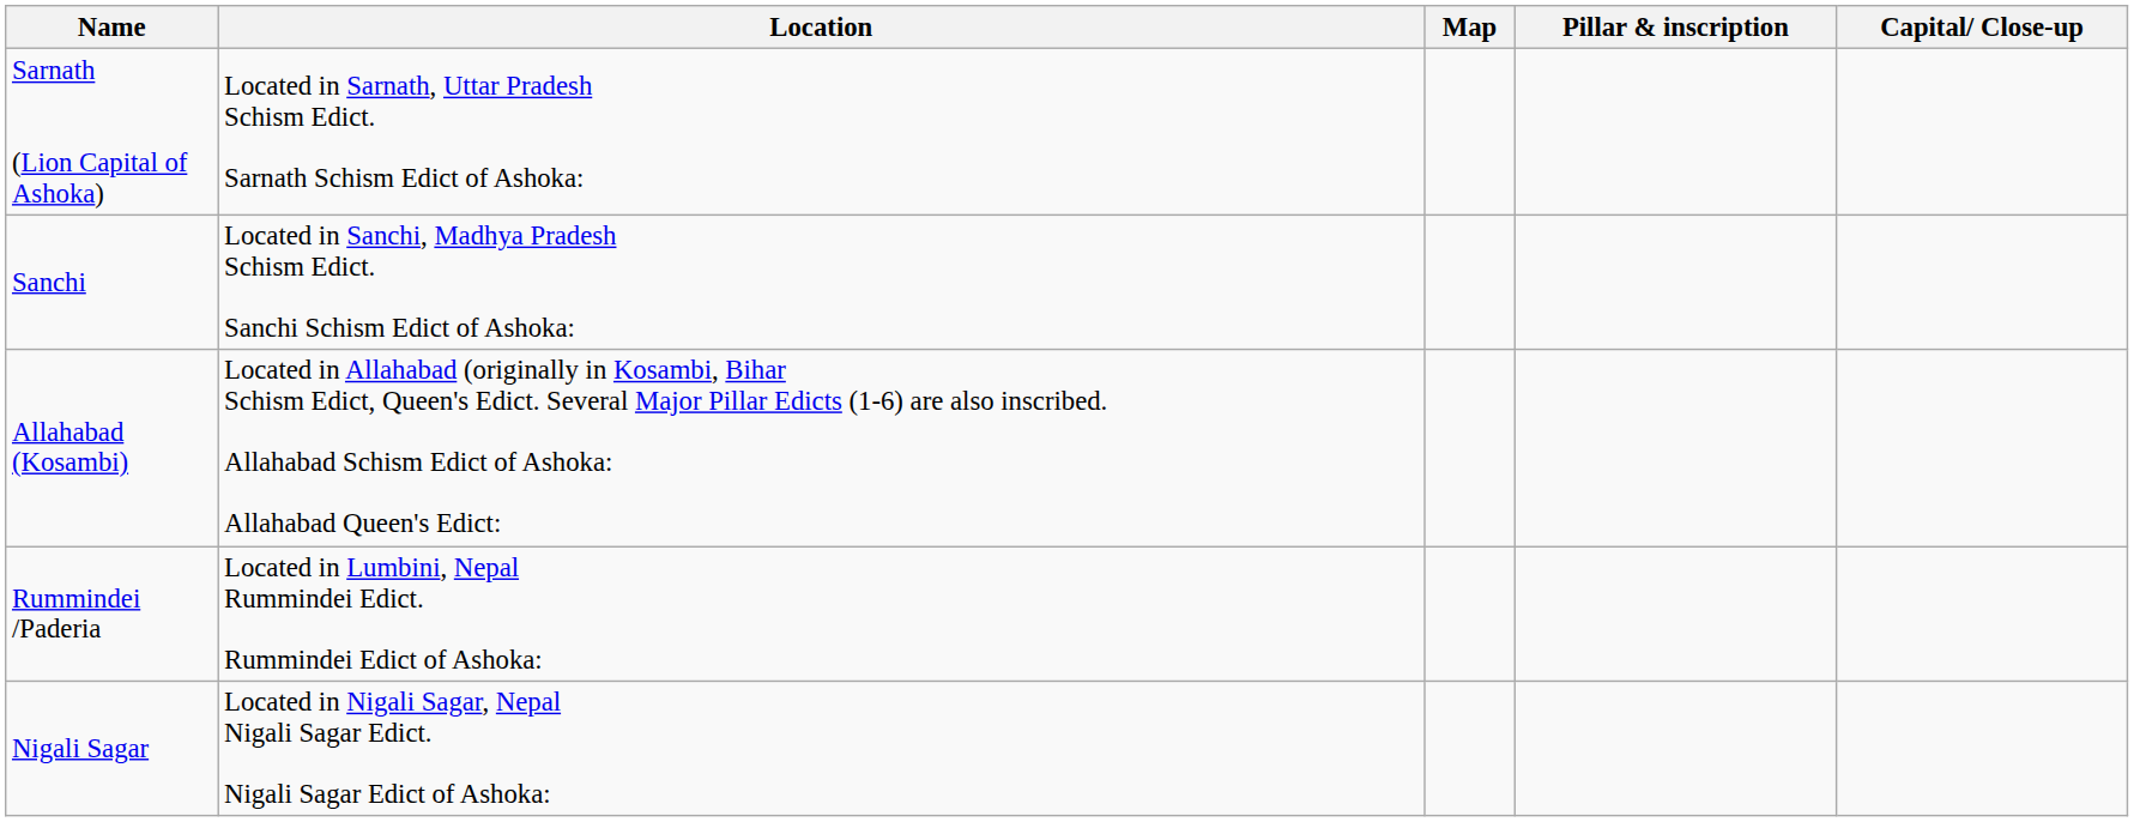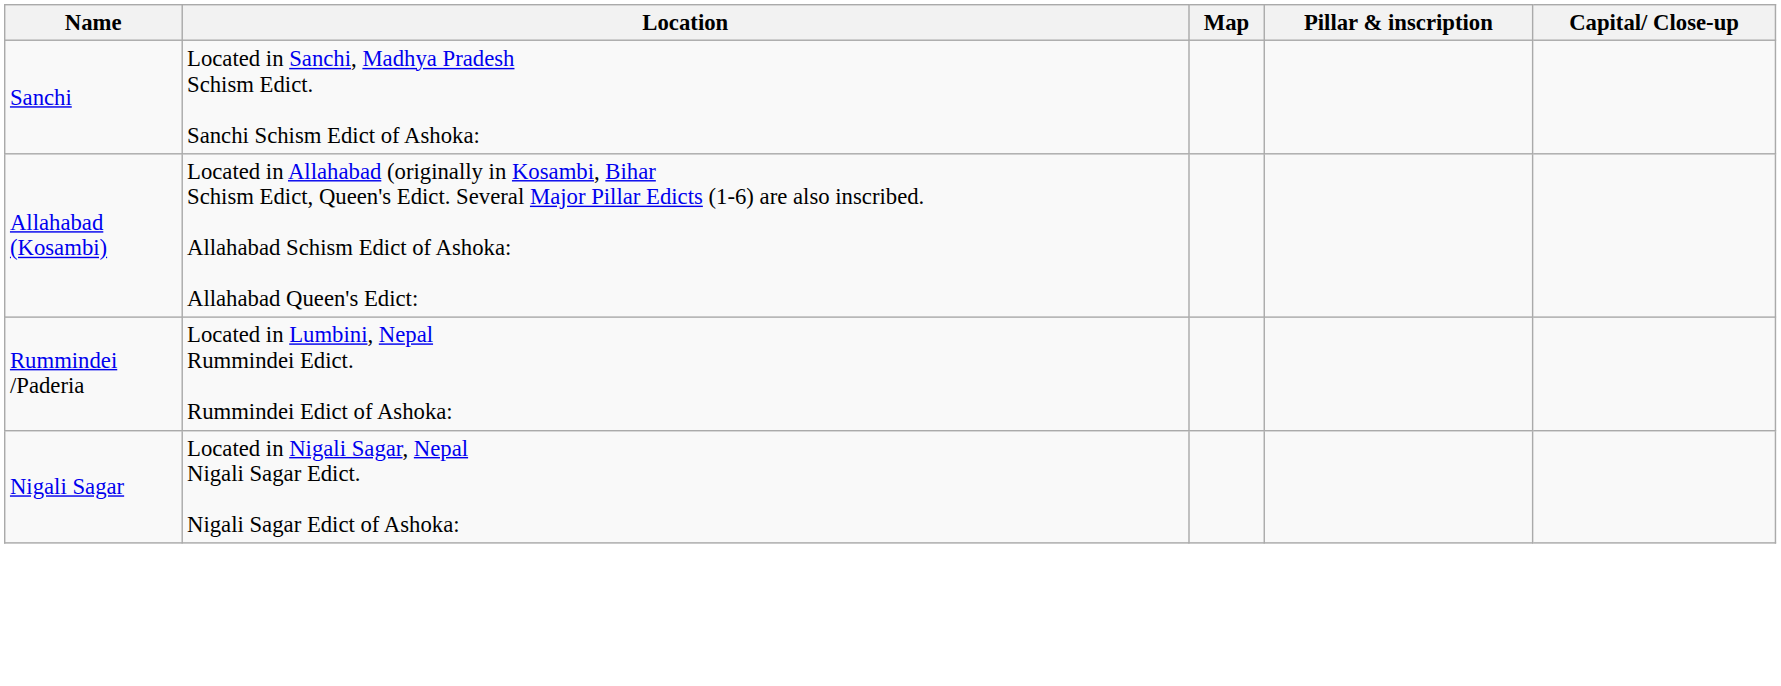 <table class = "wikitable center">
 <tr>
 <th scope = "col" width = "10%">Name</th>
 <th scope = "col">Location</th>
 <th scope = "col">Map</th>
 <th scope = "col">Pillar & inscription</th>
 <th scope = "col">Capital/ Close-up</th>
-</tr>
-<tr>
-<td><a href='#'>Sarnath</a><br><br><br>(<a href='#'>Lion Capital of Ashoka</a>)</td>
-<td>Located in <a href='#'>Sarnath</a>, <a href='#'>Uttar Pradesh</a><br>Schism Edict.<br><br>Sarnath Schism Edict of Ashoka:<br></td>
-<td><br></td>
-<td></td>
-<td></td>
 </tr>
 <tr>
 <td><a href='#'>Sanchi</a></td>
 <td>Located in <a href='#'>Sanchi</a>, <a href='#'>Madhya Pradesh</a><br>Schism Edict.<br><br>Sanchi Schism Edict of Ashoka:<br></td>
 <td><br></td>
 <td></td>
 <td></td>
 </tr>
 <tr>
 <td><a href='#'>Allahabad (Kosambi)</a></td>
 <td>Located in <a href='#'>Allahabad</a> (originally in <a href='#'>Kosambi</a>, <a href='#'>Bihar</a><br>Schism Edict, Queen's Edict. Several <a href='#'>Major Pillar Edicts</a> (1-6) are also inscribed.<br><br>Allahabad Schism Edict of Ashoka:<br><br>Allahabad Queen's Edict: </td>
 <td><br></td>
 <td></td>
 <td></td>
 </tr>
 <tr>
 <td><a href='#'>Rummindei</a><br>/Paderia</td>
 <td>Located in <a href='#'>Lumbini</a>, <a href='#'>Nepal</a><br>Rummindei Edict.<br><br>Rummindei Edict of Ashoka:<br></td>
 <td><br></td>
 <td><br><br></td>
 <td></td>
 </tr>
 <tr>
 <td><a href='#'>Nigali Sagar</a></td>
 <td>Located in <a href='#'>Nigali Sagar</a>, <a href='#'>Nepal</a><br>Nigali Sagar Edict.<br><br>Nigali Sagar Edict of Ashoka:<br></td>
 <td><br></td>
 <td><br><br></td>
 <td></td>
 </tr>
 </table>
